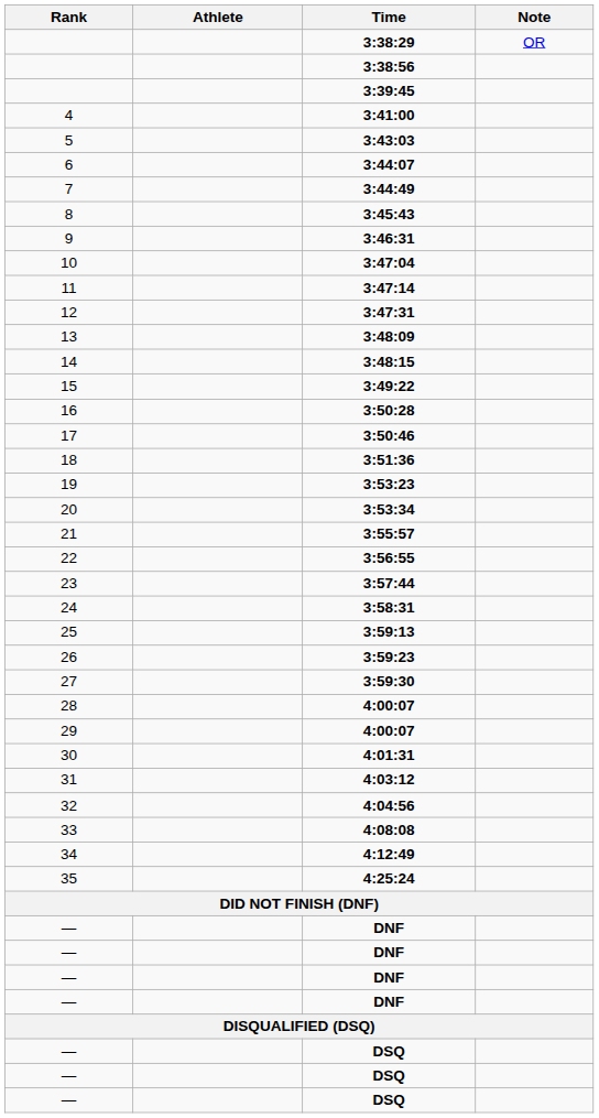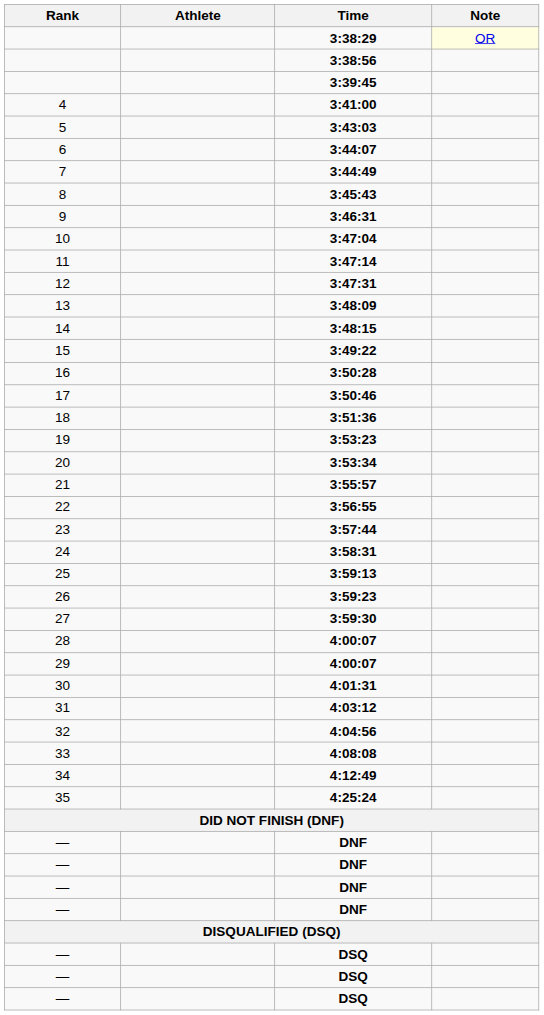 <table class="wikitable" style=" text-align:center; font-size:110%;" width="55%">
 <tr>
 <th>Rank</th>
 <th>Athlete</th>
 <th>Time</th>
 <th>Note</th>
 </tr>
 <tr>
 <td></td>
 <td align=left></td>
 <td><strong>3:38:29</strong></td>
-<td><a href='#'>OR</a></td>
+<td style="background: lightyellow;"><a href='#'>OR</a></td>
 </tr>
 <tr>
 <td></td>
 <td align=left></td>
 <td><strong>3:38:56</strong></td>
 <td></td>
 </tr>
 <tr>
 <td></td>
 <td align=left></td>
 <td><strong>3:39:45</strong></td>
 <td></td>
 </tr>
 <tr>
 <td>4</td>
 <td align=left></td>
 <td><strong>3:41:00</strong></td>
 <td></td>
 </tr>
 <tr>
 <td>5</td>
 <td align=left></td>
 <td><strong>3:43:03</strong></td>
 <td></td>
 </tr>
 <tr>
 <td>6</td>
 <td align=left></td>
 <td><strong>3:44:07</strong></td>
 <td></td>
 </tr>
 <tr>
 <td>7</td>
 <td align=left></td>
 <td><strong>3:44:49</strong></td>
 <td></td>
 </tr>
 <tr>
 <td>8</td>
 <td align=left></td>
 <td><strong>3:45:43</strong></td>
 <td></td>
 </tr>
 <tr>
 <td>9</td>
 <td align=left></td>
 <td><strong>3:46:31</strong></td>
 <td></td>
 </tr>
 <tr>
 <td>10</td>
 <td align=left></td>
 <td><strong>3:47:04</strong></td>
 <td></td>
 </tr>
 <tr>
 <td>11</td>
 <td align=left></td>
 <td><strong>3:47:14</strong></td>
 <td></td>
 </tr>
 <tr>
 <td>12</td>
 <td align=left></td>
 <td><strong>3:47:31</strong></td>
 <td></td>
 </tr>
 <tr>
 <td>13</td>
 <td align=left></td>
 <td><strong>3:48:09</strong></td>
 <td></td>
 </tr>
 <tr>
 <td>14</td>
 <td align=left></td>
 <td><strong>3:48:15</strong></td>
 <td></td>
 </tr>
 <tr>
 <td>15</td>
 <td align=left></td>
 <td><strong>3:49:22</strong></td>
 <td></td>
 </tr>
 <tr>
 <td>16</td>
 <td align=left></td>
 <td><strong>3:50:28</strong></td>
 <td></td>
 </tr>
 <tr>
 <td>17</td>
 <td align=left></td>
 <td><strong>3:50:46</strong></td>
 <td></td>
 </tr>
 <tr>
 <td>18</td>
 <td align=left></td>
 <td><strong>3:51:36</strong></td>
 <td></td>
 </tr>
 <tr>
 <td>19</td>
 <td align=left></td>
 <td><strong>3:53:23</strong></td>
 <td></td>
 </tr>
 <tr>
 <td>20</td>
 <td align=left></td>
 <td><strong>3:53:34</strong></td>
 <td></td>
 </tr>
 <tr>
 <td>21</td>
 <td align=left></td>
 <td><strong>3:55:57</strong></td>
 <td></td>
 </tr>
 <tr>
 <td>22</td>
 <td align=left></td>
 <td><strong>3:56:55</strong></td>
 <td></td>
 </tr>
 <tr>
 <td>23</td>
 <td align=left></td>
 <td><strong>3:57:44</strong></td>
 <td></td>
 </tr>
 <tr>
 <td>24</td>
 <td align=left></td>
 <td><strong>3:58:31</strong></td>
 <td></td>
 </tr>
 <tr>
 <td>25</td>
 <td align=left></td>
 <td><strong>3:59:13</strong></td>
 <td></td>
 </tr>
 <tr>
 <td>26</td>
 <td align=left></td>
 <td><strong>3:59:23</strong></td>
 <td></td>
 </tr>
 <tr>
 <td>27</td>
 <td align=left></td>
 <td><strong>3:59:30</strong></td>
 <td></td>
 </tr>
 <tr>
 <td>28</td>
 <td align=left></td>
 <td><strong>4:00:07</strong></td>
 <td></td>
 </tr>
 <tr>
 <td>29</td>
 <td align=left></td>
 <td><strong>4:00:07</strong></td>
 <td></td>
 </tr>
 <tr>
 <td>30</td>
 <td align=left></td>
 <td><strong>4:01:31</strong></td>
 <td></td>
 </tr>
 <tr>
 <td>31</td>
 <td align=left></td>
 <td><strong>4:03:12</strong></td>
 <td></td>
 </tr>
 <tr>
 <td>32</td>
 <td align=left></td>
 <td><strong>4:04:56</strong></td>
 <td></td>
 </tr>
 <tr>
 <td>33</td>
 <td align=left></td>
 <td><strong>4:08:08</strong></td>
 <td></td>
 </tr>
 <tr>
 <td>34</td>
 <td align=left></td>
 <td><strong>4:12:49</strong></td>
 <td></td>
 </tr>
 <tr>
 <td>35</td>
 <td align=left></td>
 <td><strong>4:25:24</strong></td>
 <td></td>
 </tr>
 <tr>
 <th colspan="4">DID NOT FINISH (DNF)</th>
 </tr>
 <tr>
 <td>—</td>
 <td align=left></td>
 <td><strong>DNF</strong></td>
 <td></td>
 </tr>
 <tr>
 <td>—</td>
 <td align=left></td>
 <td><strong>DNF</strong></td>
 <td></td>
 </tr>
 <tr>
 <td>—</td>
 <td align=left></td>
 <td><strong>DNF</strong></td>
 <td></td>
 </tr>
 <tr>
 <td>—</td>
 <td align=left></td>
 <td><strong>DNF</strong></td>
 <td></td>
 </tr>
 <tr>
 <th colspan="4">DISQUALIFIED (DSQ)</th>
 </tr>
 <tr>
 <td>—</td>
 <td align=left></td>
 <td><strong>DSQ</strong></td>
 <td></td>
 </tr>
 <tr>
 <td>—</td>
 <td align=left></td>
 <td><strong>DSQ</strong></td>
 <td></td>
 </tr>
 <tr>
 <td>—</td>
 <td align=left></td>
 <td><strong>DSQ</strong></td>
 <td></td>
 </tr>
 </table>
